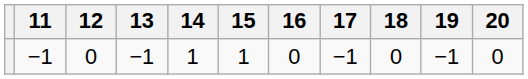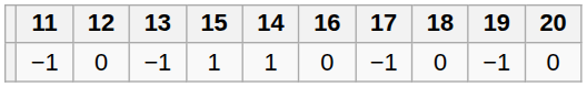 <table class="wikitable" style="text-align:center">
 <tr>
 <th></th>
 <th style="width: 30px;">11</th>
 <th style="width: 30px;">12</th>
 <th style="width: 30px;">13</th>
+<th style="width: 30px;">15</th>
 <th style="width: 30px;">14</th>
-<th style="width: 30px;">15</th>
 <th style="width: 30px;">16</th>
 <th style="width: 30px;">17</th>
 <th style="width: 30px;">18</th>
 <th style="width: 30px;">19</th>
 <th style="width: 30px;">20</th>
 </tr>
 <tr>
 <th></th>
 <td>−1</td>
 <td>0</td>
 <td>−1</td>
 <td>1</td>
 <td>1</td>
 <td>0</td>
 <td>−1</td>
 <td>0</td>
 <td>−1</td>
 <td>0</td>
 </tr>
 </table>
